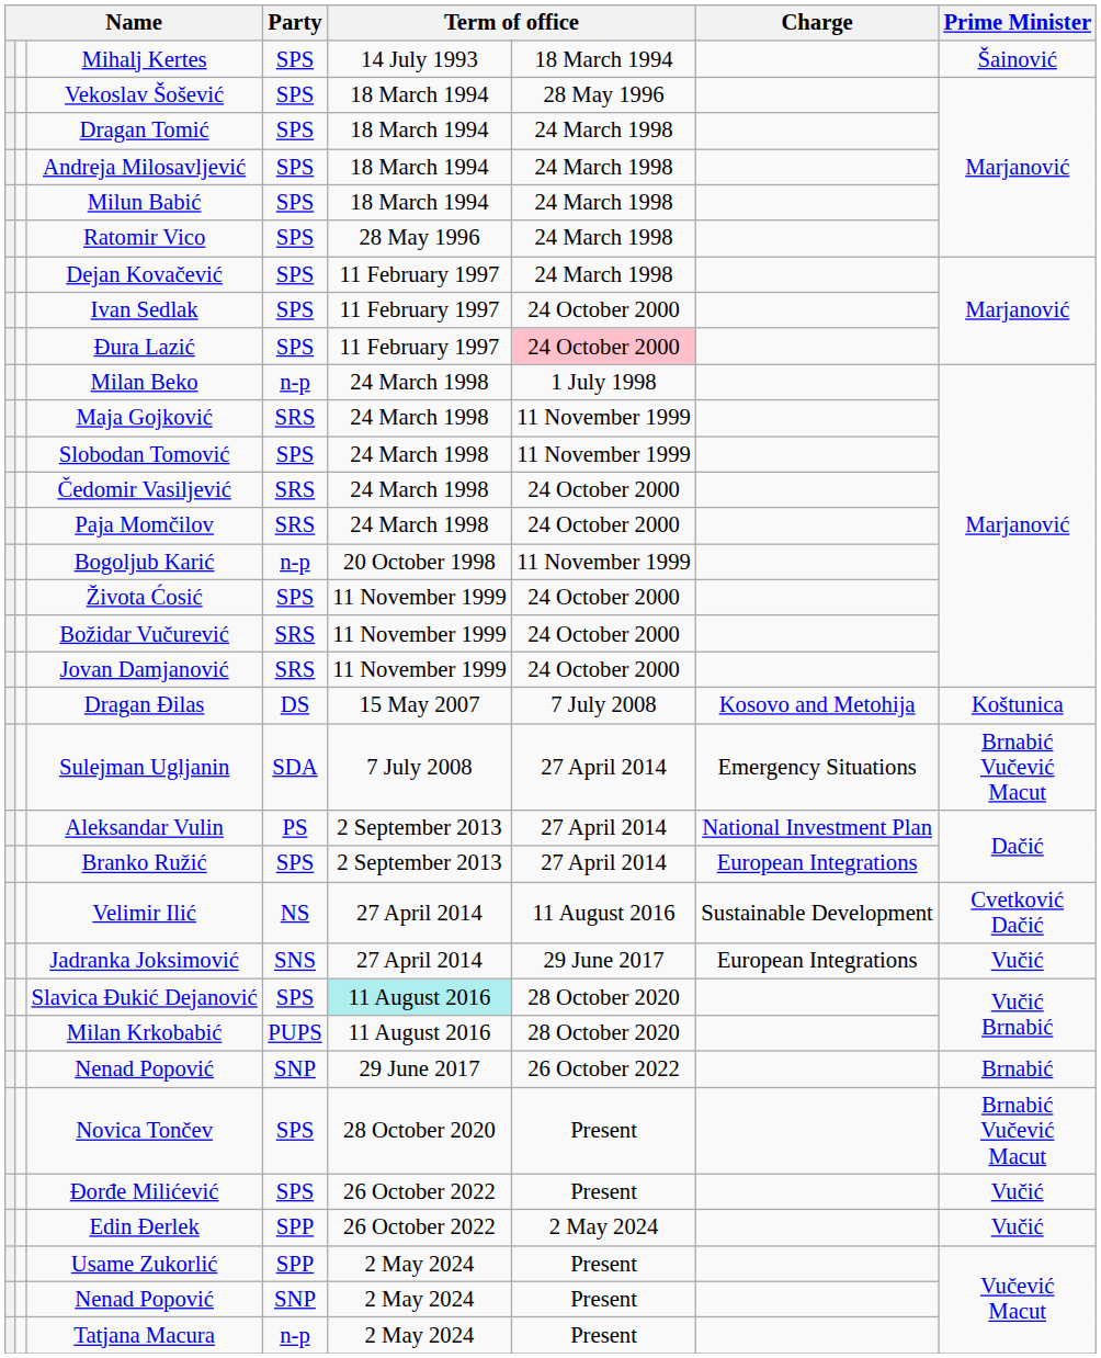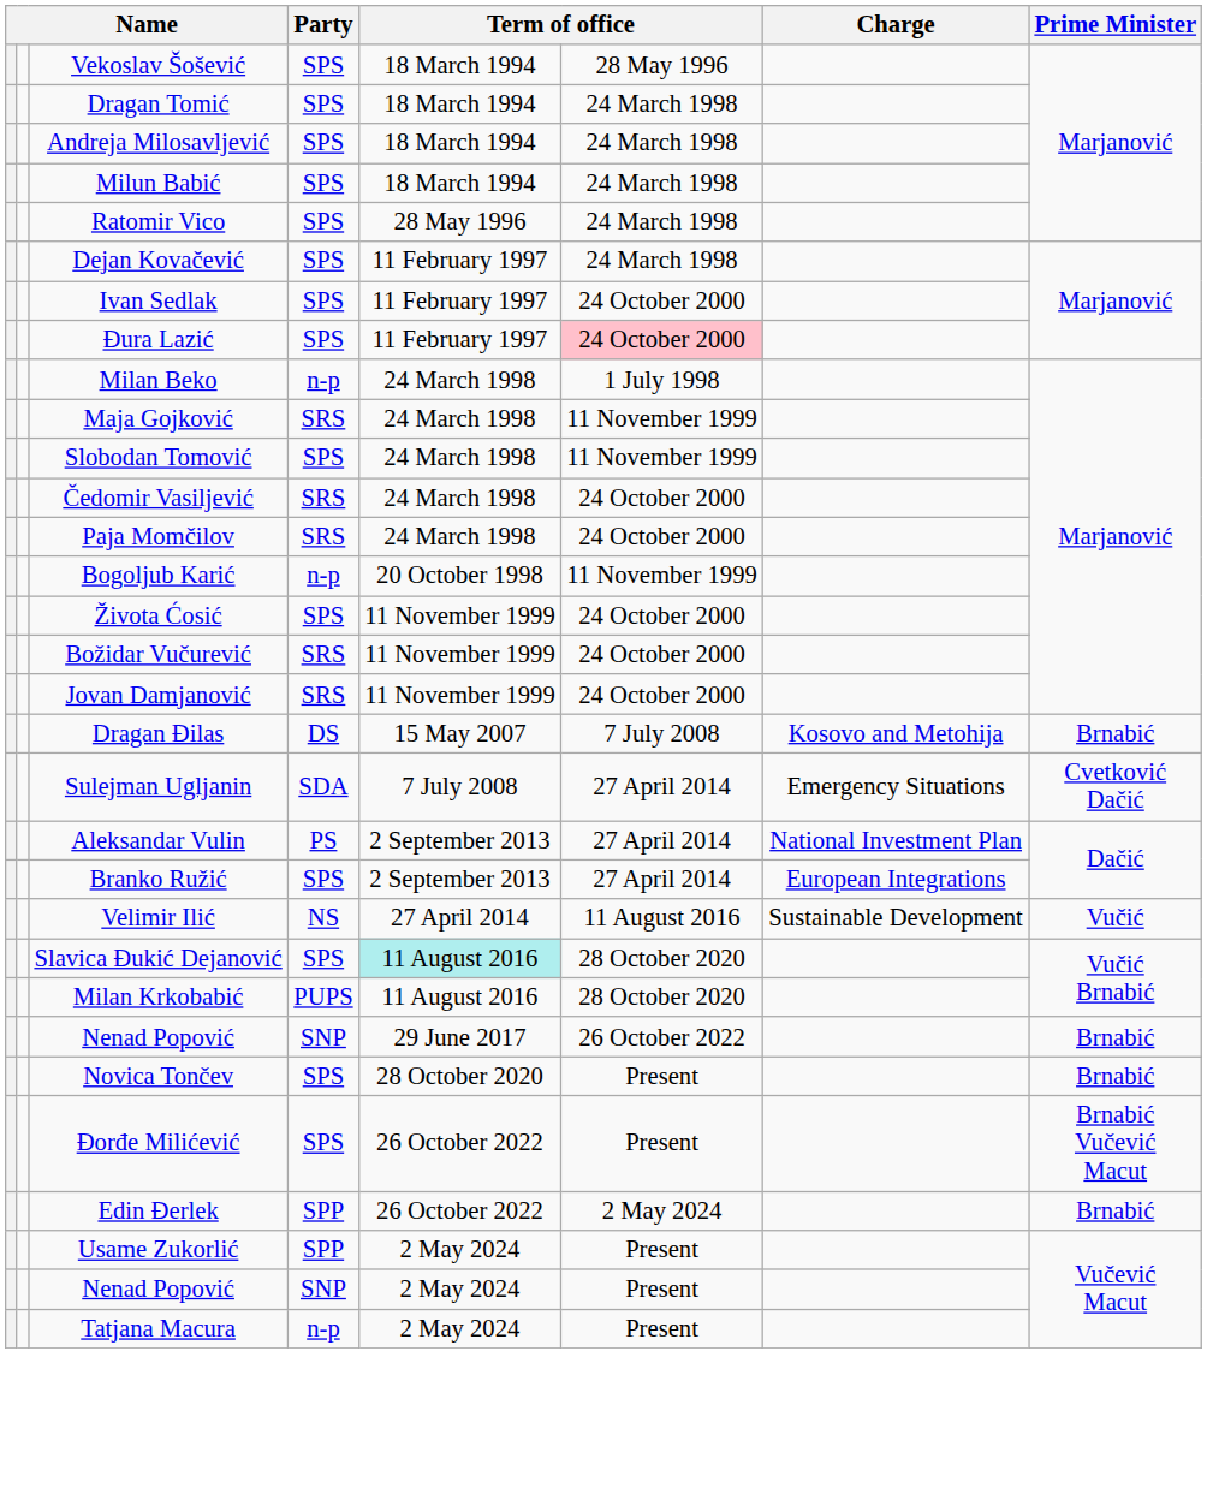 <table class="wikitable" style="text-align:center;">
 <tr>
 <th colspan=3>Name<br></th>
 <th>Party</th>
 <th colspan=2>Term of office</th>
 <th>Charge</th>
 <th><a href='#'>Prime Minister</a><br></th>
-</tr>
-<tr>
-<th style="background:"></th>
-<td></td>
-<td><a href='#'>Mihalj Kertes</a><br></td>
-<td><a href='#'>SPS</a></td>
-<td>14 July 1993</td>
-<td>18 March 1994</td>
-<td></td>
-<td><a href='#'>Šainović</a> </td>
 </tr>
 <tr>
 <th style="background:"></th>
 <td></td>
 <td><a href='#'>Vekoslav Šošević</a><br></td>
 <td><a href='#'>SPS</a></td>
 <td>18 March 1994</td>
 <td>28 May 1996</td>
 <td></td>
 <td rowspan=5><a href='#'>Marjanović</a> </td>
 </tr>
 <tr>
 <th style="background:"></th>
 <td></td>
 <td><a href='#'>Dragan Tomić</a><br></td>
 <td><a href='#'>SPS</a></td>
 <td>18 March 1994</td>
 <td>24 March 1998</td>
 <td></td>
 </tr>
 <tr>
 <th style="background:"></th>
 <td></td>
 <td><a href='#'>Andreja Milosavljević</a><br></td>
 <td><a href='#'>SPS</a></td>
 <td>18 March 1994</td>
 <td>24 March 1998</td>
 <td></td>
 </tr>
 <tr>
 <th style="background:"></th>
 <td></td>
 <td><a href='#'>Milun Babić</a><br></td>
 <td><a href='#'>SPS</a></td>
 <td>18 March 1994</td>
 <td>24 March 1998</td>
 <td></td>
 </tr>
 <tr>
 <th style="background:"></th>
 <td></td>
 <td><a href='#'>Ratomir Vico</a><br></td>
 <td><a href='#'>SPS</a></td>
 <td>28 May 1996</td>
 <td>24 March 1998</td>
 <td></td>
 </tr>
 <tr>
 <th style="background:"></th>
 <td></td>
 <td><a href='#'>Dejan Kovačević</a><br></td>
 <td><a href='#'>SPS</a></td>
 <td>11 February 1997</td>
 <td>24 March 1998</td>
 <td></td>
 <td rowspan=3><a href='#'>Marjanović</a> </td>
 </tr>
 <tr>
 <th style="background:"></th>
 <td></td>
 <td><a href='#'>Ivan Sedlak</a><br></td>
 <td><a href='#'>SPS</a></td>
 <td>11 February 1997</td>
 <td>24 October 2000</td>
 <td></td>
 </tr>
 <tr>
 <th style="background:"></th>
 <td></td>
 <td><a href='#'>Đura Lazić</a><br></td>
 <td><a href='#'>SPS</a></td>
 <td>11 February 1997</td>
 <td style="background: pink;">24 October 2000</td>
 <td></td>
 </tr>
 <tr>
 <th style="background:"></th>
 <td></td>
 <td><a href='#'>Milan Beko</a><br></td>
 <td><a href='#'>n-p</a></td>
 <td>24 March 1998</td>
 <td>1 July 1998</td>
 <td></td>
 <td rowspan=9><a href='#'>Marjanović</a> </td>
 </tr>
 <tr>
 <th style="background:"></th>
 <td></td>
 <td><a href='#'>Maja Gojković</a><br></td>
 <td><a href='#'>SRS</a></td>
 <td>24 March 1998</td>
 <td>11 November 1999</td>
 <td></td>
 </tr>
 <tr>
 <th style="background:"></th>
 <td></td>
 <td><a href='#'>Slobodan Tomović</a><br></td>
 <td><a href='#'>SPS</a></td>
 <td>24 March 1998</td>
 <td>11 November 1999</td>
 <td></td>
 </tr>
 <tr>
 <th style="background:"></th>
 <td></td>
 <td><a href='#'>Čedomir Vasiljević</a><br></td>
 <td><a href='#'>SRS</a></td>
 <td>24 March 1998</td>
 <td>24 October 2000</td>
 <td></td>
 </tr>
 <tr>
 <th style="background:"></th>
 <td></td>
 <td><a href='#'>Paja Momčilov</a><br></td>
 <td><a href='#'>SRS</a></td>
 <td>24 March 1998</td>
 <td>24 October 2000</td>
 <td></td>
 </tr>
 <tr>
 <th style="background:"></th>
 <td></td>
 <td><a href='#'>Bogoljub Karić</a><br></td>
 <td><a href='#'>n-p</a></td>
 <td>20 October 1998</td>
 <td>11 November 1999</td>
 <td></td>
 </tr>
 <tr>
 <th style="background:"></th>
 <td></td>
 <td><a href='#'>Života Ćosić</a><br></td>
 <td><a href='#'>SPS</a></td>
 <td>11 November 1999</td>
 <td>24 October 2000</td>
 <td></td>
 </tr>
 <tr>
 <th style="background:"></th>
 <td></td>
 <td><a href='#'>Božidar Vučurević</a><br></td>
 <td><a href='#'>SRS</a></td>
 <td>11 November 1999</td>
 <td>24 October 2000</td>
 <td></td>
 </tr>
 <tr>
 <th style="background:"></th>
 <td></td>
 <td><a href='#'>Jovan Damjanović</a><br></td>
 <td><a href='#'>SRS</a></td>
 <td>11 November 1999</td>
 <td>24 October 2000</td>
 <td></td>
 </tr>
 <tr>
 <th style="background:"></th>
 <td></td>
 <td><a href='#'>Dragan Đilas</a><br></td>
 <td><a href='#'>DS</a></td>
 <td>15 May 2007</td>
 <td>7 July 2008</td>
 <td><a href='#'>Kosovo and Metohija</a></td>
-<td><a href='#'>Koštunica</a> </td>
+<td><a href='#'>Brnabić</a> </td>
 </tr>
 <tr>
 <th style="background:"></th>
 <td></td>
 <td><a href='#'>Sulejman Ugljanin</a><br></td>
 <td><a href='#'>SDA</a></td>
 <td>7 July 2008</td>
 <td>27 April 2014</td>
 <td>Emergency Situations</td>
-<td><a href='#'>Brnabić</a> <br><a href='#'>Vučević</a> <br><a href='#'>Macut</a> </td>
+<td><a href='#'>Cvetković</a> <br><a href='#'>Dačić</a> </td>
 </tr>
 <tr>
 <th style="background:"></th>
 <td></td>
 <td><a href='#'>Aleksandar Vulin</a><br></td>
 <td><a href='#'>PS</a></td>
 <td>2 September 2013</td>
 <td>27 April 2014</td>
 <td><a href='#'>National Investment Plan</a></td>
 <td rowspan=2><a href='#'>Dačić</a> </td>
 </tr>
 <tr>
 <th style="background:"></th>
 <td></td>
 <td><a href='#'>Branko Ružić</a><br></td>
 <td><a href='#'>SPS</a></td>
 <td>2 September 2013</td>
 <td>27 April 2014</td>
 <td><a href='#'>European Integrations</a></td>
 </tr>
 <tr>
 <th style="background:"></th>
 <td></td>
 <td><a href='#'>Velimir Ilić</a><br></td>
 <td><a href='#'>NS</a></td>
 <td>27 April 2014</td>
 <td>11 August 2016</td>
 <td>Sustainable Development</td>
-<td><a href='#'>Cvetković</a> <br><a href='#'>Dačić</a> </td>
-</tr>
-<tr>
-<th style="background:"></th>
-<td></td>
-<td><a href='#'>Jadranka Joksimović</a><br></td>
-<td><a href='#'>SNS</a></td>
-<td>27 April 2014</td>
-<td>29 June 2017</td>
-<td>European Integrations</td>
 <td><a href='#'>Vučić</a> </td>
 </tr>
 <tr>
 <th style="background:"></th>
 <td></td>
 <td><a href='#'>Slavica Đukić Dejanović</a><br></td>
 <td><a href='#'>SPS</a></td>
 <td style="background: paleturquoise;">11 August 2016</td>
 <td>28 October 2020</td>
 <td></td>
 <td rowspan=2><a href='#'>Vučić</a> <br><a href='#'>Brnabić</a> </td>
 </tr>
 <tr>
 <th style="background:"></th>
 <td></td>
 <td><a href='#'>Milan Krkobabić</a><br></td>
 <td><a href='#'>PUPS</a></td>
 <td>11 August 2016</td>
 <td>28 October 2020</td>
 <td></td>
 </tr>
 <tr>
 <th style="background:"></th>
 <td></td>
 <td><a href='#'>Nenad Popović</a><br></td>
 <td><a href='#'>SNP</a></td>
 <td>29 June 2017</td>
 <td>26 October 2022</td>
 <td></td>
 <td><a href='#'>Brnabić</a> </td>
 </tr>
 <tr>
 <th style="background:"></th>
 <td></td>
 <td><a href='#'>Novica Tončev</a><br></td>
 <td><a href='#'>SPS</a></td>
 <td>28 October 2020</td>
 <td>Present</td>
 <td></td>
-<td><a href='#'>Brnabić</a> <br><a href='#'>Vučević</a> <br><a href='#'>Macut</a> </td>
+<td><a href='#'>Brnabić</a> </td>
 </tr>
 <tr>
 <th style="background:"></th>
 <td></td>
 <td><a href='#'>Đorđe Milićević</a><br></td>
 <td><a href='#'>SPS</a></td>
 <td>26 October 2022</td>
 <td>Present</td>
 <td></td>
-<td><a href='#'>Vučić</a> </td>
+<td><a href='#'>Brnabić</a> <br><a href='#'>Vučević</a> <br><a href='#'>Macut</a> </td>
 </tr>
 <tr>
 <th style="background:"></th>
 <td></td>
 <td><a href='#'>Edin Đerlek</a><br></td>
 <td><a href='#'>SPP</a></td>
 <td>26 October 2022</td>
 <td>2 May 2024</td>
 <td></td>
-<td><a href='#'>Vučić</a> </td>
+<td><a href='#'>Brnabić</a> </td>
 </tr>
 <tr>
 <th style="background:"></th>
 <td></td>
 <td><a href='#'>Usame Zukorlić</a><br></td>
 <td><a href='#'>SPP</a></td>
 <td>2 May 2024</td>
 <td>Present</td>
 <td></td>
 <td rowspan=3><a href='#'>Vučević</a> <br><a href='#'>Macut</a> </td>
 </tr>
 <tr>
 <th style="background:"></th>
 <td></td>
 <td><a href='#'>Nenad Popović</a><br></td>
 <td><a href='#'>SNP</a></td>
 <td>2 May 2024</td>
 <td>Present</td>
 <td></td>
 </tr>
 <tr>
 <th style="background:"></th>
 <td></td>
 <td><a href='#'>Tatjana Macura</a><br></td>
 <td><a href='#'>n-p</a></td>
 <td>2 May 2024</td>
 <td>Present</td>
 <td></td>
 </tr>
 </table>
